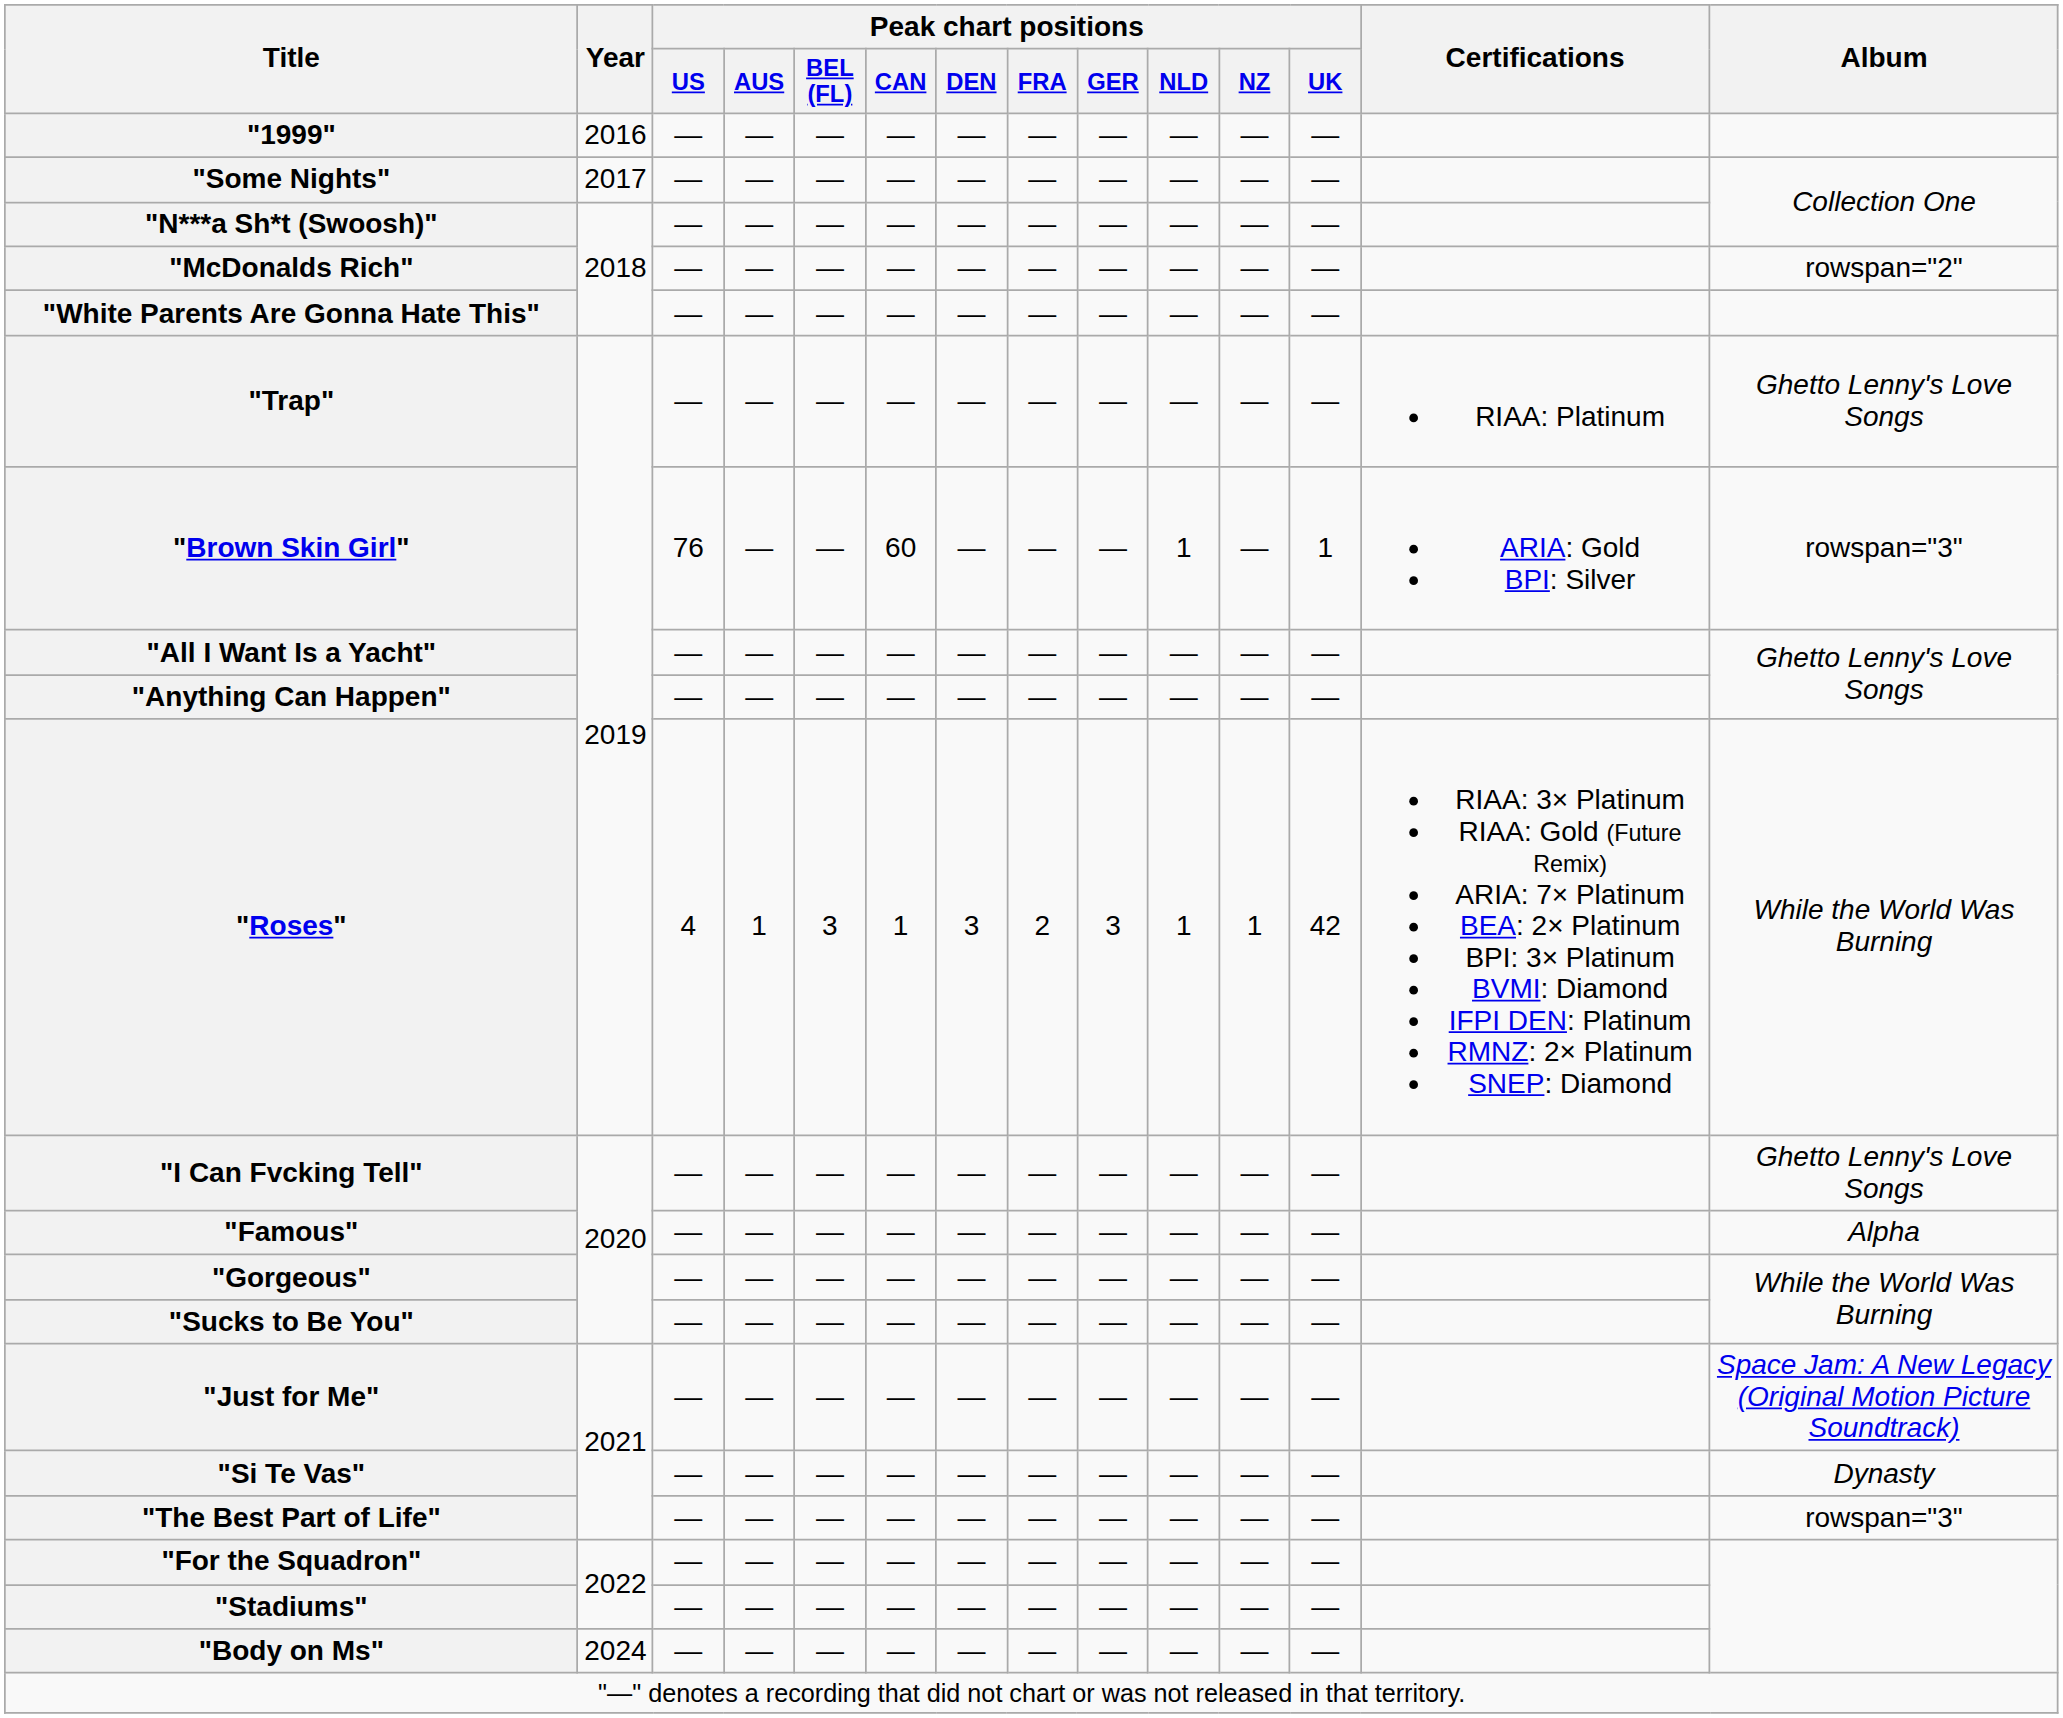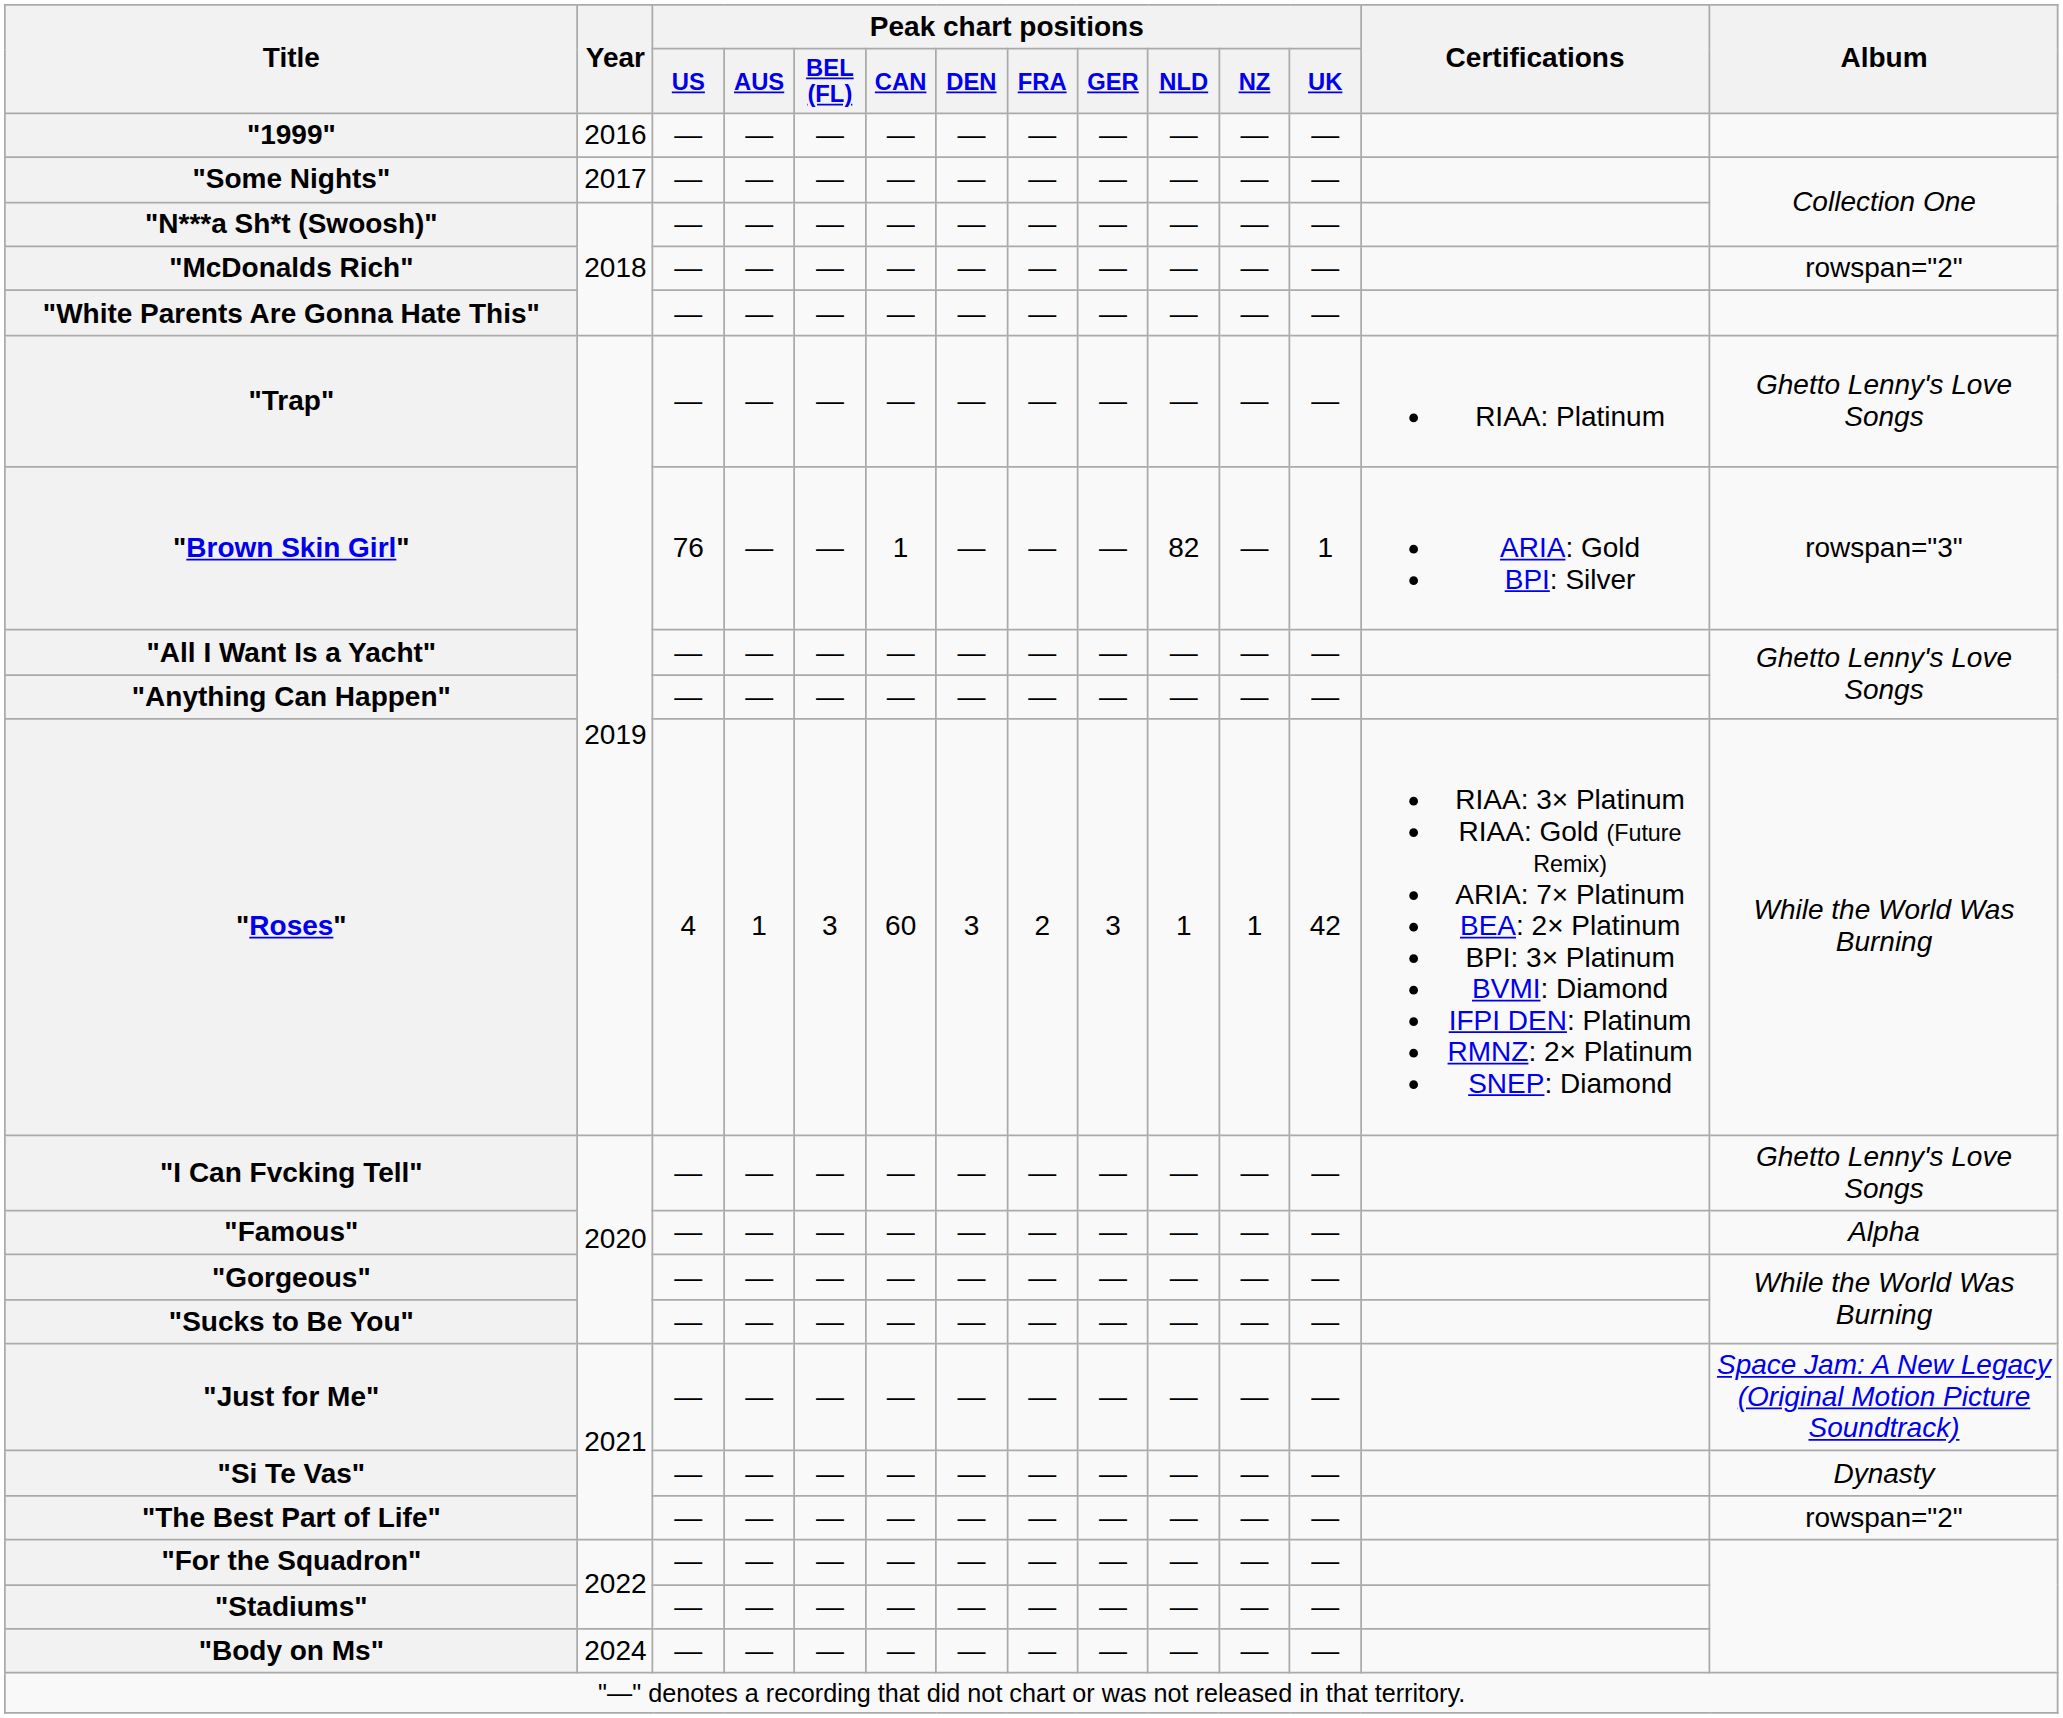 <table class="wikitable plainrowheaders" style="text-align:center;">
 <tr List of singles as a lead artist, showing year released and album name>
 <th scope="col" rowspan="2" style="width:20em;">Title</th>
 <th scope="col" rowspan="2" style="width:1em;">Year</th>
 <th scope="col" colspan="10">Peak chart positions</th>
 <th scope="col" rowspan="2" style="width:12em;">Certifications</th>
 <th scope="col" rowspan="2" style="width:12em;">Album</th>
 </tr>
 <tr>
 <th scope="col" style="width:2.5em; font-size:85%;"><a href='#'>US</a><br></th>
 <th scope="col" style="width:2.5em; font-size:85%;"><a href='#'>AUS</a><br></th>
 <th scope="col" style="width:2.5em; font-size:85%;"><a href='#'>BEL<br>(FL)</a><br></th>
 <th scope="col" style="width:2.5em; font-size:85%;"><a href='#'>CAN</a><br></th>
 <th scope="col" style="width:2.5em; font-size:85%;"><a href='#'>DEN</a><br></th>
 <th scope="col" style="width:2.5em; font-size:85%;"><a href='#'>FRA</a><br></th>
 <th scope="col" style="width:2.5em; font-size:85%;"><a href='#'>GER</a><br></th>
 <th scope="col" style="width:2.5em; font-size:85%;"><a href='#'>NLD</a><br></th>
 <th scope="col" style="width:2.5em; font-size:85%;"><a href='#'>NZ</a><br></th>
 <th scope="col" style="width:2.5em; font-size:85%;"><a href='#'>UK</a><br></th>
 </tr>
 <tr>
 <th scope="row">"1999"</th>
 <td>2016</td>
 <td>—</td>
 <td>—</td>
 <td>—</td>
 <td>—</td>
 <td>—</td>
 <td>—</td>
 <td>—</td>
 <td>—</td>
 <td>—</td>
 <td>—</td>
 <td></td>
 <td></td>
 </tr>
 <tr>
 <th scope="row">"Some Nights"</th>
 <td>2017</td>
 <td>—</td>
 <td>—</td>
 <td>—</td>
 <td>—</td>
 <td>—</td>
 <td>—</td>
 <td>—</td>
 <td>—</td>
 <td>—</td>
 <td>—</td>
 <td></td>
 <td rowspan="2"><em>Collection One</em></td>
 </tr>
 <tr>
 <th scope="row">"N***a Sh*t (Swoosh)"</th>
 <td rowspan="3">2018</td>
 <td>—</td>
 <td>—</td>
 <td>—</td>
 <td>—</td>
 <td>—</td>
 <td>—</td>
 <td>—</td>
 <td>—</td>
 <td>—</td>
 <td>—</td>
 <td></td>
 </tr>
 <tr>
 <th scope="row">"McDonalds Rich"</th>
 <td>—</td>
 <td>—</td>
 <td>—</td>
 <td>—</td>
 <td>—</td>
 <td>—</td>
 <td>—</td>
 <td>—</td>
 <td>—</td>
 <td>—</td>
 <td></td>
 <td>rowspan="2" </td>
 </tr>
 <tr>
 <th scope="row">"White Parents Are Gonna Hate This"</th>
 <td>—</td>
 <td>—</td>
 <td>—</td>
 <td>—</td>
 <td>—</td>
 <td>—</td>
 <td>—</td>
 <td>—</td>
 <td>—</td>
 <td>—</td>
 <td></td>
 </tr>
 <tr>
 <th scope="row">"Trap"<br></th>
 <td rowspan="5">2019</td>
 <td>—</td>
 <td>—</td>
 <td>—</td>
 <td>—</td>
 <td>—</td>
 <td>—</td>
 <td>—</td>
 <td>—</td>
 <td>—</td>
 <td>—</td>
 <td><br><ul><li>RIAA: Platinum</li></ul></td>
 <td><em>Ghetto Lenny's Love Songs</em></td>
 </tr>
 <tr>
 <th scope="row">"<a href='#'>Brown Skin Girl</a>"<br></th>
 <td>76</td>
 <td>—</td>
 <td>—</td>
-<td>60</td>
+<td>1</td>
 <td>—</td>
 <td>—</td>
 <td>—</td>
-<td>1</td>
+<td>82</td>
 <td>—</td>
 <td>1</td>
 <td><br><ul><li><a href='#'>ARIA</a>: Gold</li><li><a href='#'>BPI</a>: Silver</li></ul></td>
 <td>rowspan="3" </td>
 </tr>
 <tr>
 <th scope="row">"All I Want Is a Yacht"</th>
 <td>—</td>
 <td>—</td>
 <td>—</td>
 <td>—</td>
 <td>—</td>
 <td>—</td>
 <td>—</td>
 <td>—</td>
 <td>—</td>
 <td>—</td>
 <td></td>
 <td rowspan="2"><em>Ghetto Lenny's Love Songs</em></td>
 </tr>
 <tr>
 <th scope="row">"Anything Can Happen"<br></th>
 <td>—</td>
 <td>—</td>
 <td>—</td>
 <td>—</td>
 <td>—</td>
 <td>—</td>
 <td>—</td>
 <td>—</td>
 <td>—</td>
 <td>—</td>
 <td></td>
 </tr>
 <tr>
 <th scope="row">"<a href='#'>Roses</a>"<br></th>
 <td>4</td>
 <td>1</td>
 <td>3</td>
-<td>1</td>
+<td>60</td>
 <td>3</td>
 <td>2</td>
 <td>3</td>
 <td>1</td>
 <td>1</td>
 <td>42</td>
 <td><br><ul><li>RIAA: 3× Platinum</li><li>RIAA: Gold <small>(Future Remix)</small></li><li>ARIA: 7× Platinum</li><li><a href='#'>BEA</a>: 2× Platinum</li><li>BPI: 3× Platinum</li><li><a href='#'>BVMI</a>: Diamond</li><li><a href='#'>IFPI DEN</a>: Platinum</li><li><a href='#'>RMNZ</a>: 2× Platinum</li><li><a href='#'>SNEP</a>: Diamond</li></ul></td>
 <td><em>While the World Was Burning</em></td>
 </tr>
 <tr>
 <th scope="row">"I Can Fvcking Tell"</th>
 <td rowspan="4">2020</td>
 <td>—</td>
 <td>—</td>
 <td>—</td>
 <td>—</td>
 <td>—</td>
 <td>—</td>
 <td>—</td>
 <td>—</td>
 <td>—</td>
 <td>—</td>
 <td></td>
 <td><em>Ghetto Lenny's Love Songs</em></td>
 </tr>
 <tr>
 <th scope="row">"Famous"<br></th>
 <td>—</td>
 <td>—</td>
 <td>—</td>
 <td>—</td>
 <td>—</td>
 <td>—</td>
 <td>—</td>
 <td>—</td>
 <td>—</td>
 <td>—</td>
 <td></td>
 <td><em>Alpha</em></td>
 </tr>
 <tr>
 <th scope="row">"Gorgeous"</th>
 <td>—</td>
 <td>—</td>
 <td>—</td>
 <td>—</td>
 <td>—</td>
 <td>—</td>
 <td>—</td>
 <td>—</td>
 <td>—</td>
 <td>—</td>
 <td></td>
 <td rowspan="2"><em>While the World Was Burning</em></td>
 </tr>
 <tr>
 <th scope="row">"Sucks to Be You"</th>
 <td>—</td>
 <td>—</td>
 <td>—</td>
 <td>—</td>
 <td>—</td>
 <td>—</td>
 <td>—</td>
 <td>—</td>
 <td>—</td>
 <td>—</td>
 <td></td>
 </tr>
 <tr>
 <th scope="row">"Just for Me"<br></th>
 <td rowspan="3">2021</td>
 <td>—</td>
 <td>—</td>
 <td>—</td>
 <td>—</td>
 <td>—</td>
 <td>—</td>
 <td>—</td>
 <td>—</td>
 <td>—</td>
 <td>—</td>
 <td></td>
 <td><em><a href='#'>Space Jam: A New Legacy (Original Motion Picture Soundtrack)</a></em></td>
 </tr>
 <tr>
 <th scope="row">"Si Te Vas"<br></th>
 <td>—</td>
 <td>—</td>
 <td>—</td>
 <td>—</td>
 <td>—</td>
 <td>—</td>
 <td>—</td>
 <td>—</td>
 <td>—</td>
 <td>—</td>
 <td></td>
 <td><em>Dynasty</em></td>
 </tr>
 <tr>
 <th scope="row">"The Best Part of Life"</th>
 <td>—</td>
 <td>—</td>
 <td>—</td>
 <td>—</td>
 <td>—</td>
 <td>—</td>
 <td>—</td>
 <td>—</td>
 <td>—</td>
 <td>—</td>
 <td></td>
-<td>rowspan="3" </td>
+<td>rowspan="2" </td>
 </tr>
 <tr>
 <th scope="row">"For the Squadron"</th>
 <td rowspan="2">2022</td>
 <td>—</td>
 <td>—</td>
 <td>—</td>
 <td>—</td>
 <td>—</td>
 <td>—</td>
 <td>—</td>
 <td>—</td>
 <td>—</td>
 <td>—</td>
 <td></td>
 </tr>
 <tr>
 <th scope="row">"Stadiums"<br></th>
 <td>—</td>
 <td>—</td>
 <td>—</td>
 <td>—</td>
 <td>—</td>
 <td>—</td>
 <td>—</td>
 <td>—</td>
 <td>—</td>
 <td>—</td>
 <td></td>
 </tr>
 <tr>
 <th scope="row">"Body on Ms"</th>
 <td>2024</td>
 <td>—</td>
 <td>—</td>
 <td>—</td>
 <td>—</td>
 <td>—</td>
 <td>—</td>
 <td>—</td>
 <td>—</td>
 <td>—</td>
 <td>—</td>
 <td></td>
 </tr>
 <tr>
 <td colspan="15" style="font-size:90%">"—" denotes a recording that did not chart or was not released in that territory.</td>
 </tr>
 </table>
